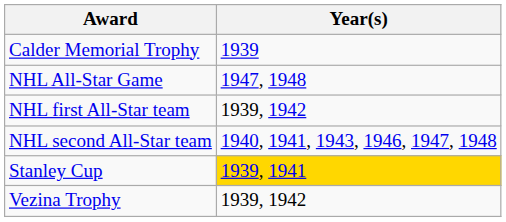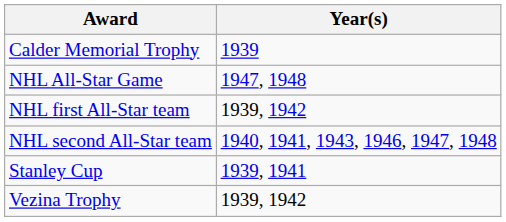 <table class="wikitable">
 <tr>
 <th>Award</th>
 <th>Year(s)</th>
 </tr>
 <tr>
 <td><a href='#'>Calder Memorial Trophy</a></td>
 <td><a href='#'>1939</a></td>
 </tr>
 <tr>
 <td><a href='#'>NHL All-Star Game</a></td>
 <td><a href='#'>1947</a>, <a href='#'>1948</a></td>
 </tr>
 <tr>
 <td><a href='#'>NHL first All-Star team</a></td>
 <td>1939, <a href='#'>1942</a></td>
 </tr>
 <tr>
 <td><a href='#'>NHL second All-Star team</a></td>
 <td><a href='#'>1940</a>, <a href='#'>1941</a>, <a href='#'>1943</a>, <a href='#'>1946</a>, <a href='#'>1947</a>, <a href='#'>1948</a></td>
 </tr>
 <tr>
 <td><a href='#'>Stanley Cup</a></td>
-<td style="background: gold;"><a href='#'>1939</a>, <a href='#'>1941</a></td>
+<td><a href='#'>1939</a>, <a href='#'>1941</a></td>
 </tr>
 <tr>
 <td><a href='#'>Vezina Trophy</a></td>
 <td>1939, 1942</td>
 </tr>
 </table>
